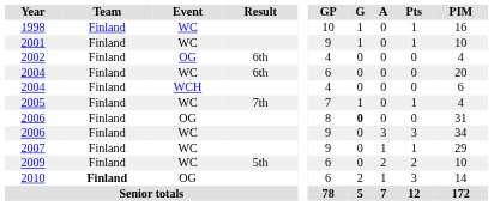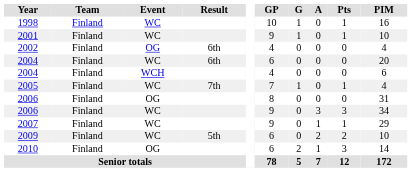 <table border="0" cellpadding="1" cellspacing="0" style="text-align:center; width:40em">
 <tr ALIGN="center" bgcolor="#e0e0e0">
 <th>Year</th>
 <th>Team</th>
 <th>Event</th>
 <th>Result</th>
 <th rowspan="99" bgcolor="#ffffff"> </th>
 <th>GP</th>
 <th>G</th>
 <th>A</th>
 <th>Pts</th>
 <th>PIM</th>
 </tr>
 <tr>
 <td><a href='#'>1998</a></td>
 <td><a href='#'>Finland</a></td>
 <td><a href='#'>WC</a></td>
 <td></td>
 <td>10</td>
 <td>1</td>
 <td>0</td>
 <td>1</td>
 <td>16</td>
 </tr>
 <tr bgcolor="#f0f0f0">
 <td><a href='#'>2001</a></td>
 <td>Finland</td>
 <td>WC</td>
 <td></td>
 <td>9</td>
 <td>1</td>
 <td>0</td>
 <td>1</td>
 <td>10</td>
 </tr>
 <tr>
 <td><a href='#'>2002</a></td>
 <td>Finland</td>
 <td><a href='#'>OG</a></td>
 <td>6th</td>
 <td>4</td>
 <td>0</td>
 <td>0</td>
 <td>0</td>
 <td>4</td>
 </tr>
 <tr bgcolor="#f0f0f0">
 <td><a href='#'>2004</a></td>
 <td>Finland</td>
 <td>WC</td>
 <td>6th</td>
 <td>6</td>
 <td>0</td>
 <td>0</td>
 <td>0</td>
 <td>20</td>
 </tr>
 <tr>
 <td><a href='#'>2004</a></td>
 <td>Finland</td>
 <td><a href='#'>WCH</a></td>
 <td></td>
 <td>4</td>
 <td>0</td>
 <td>0</td>
 <td>0</td>
 <td>6</td>
 </tr>
 <tr bgcolor="#f0f0f0">
 <td><a href='#'>2005</a></td>
 <td>Finland</td>
 <td>WC</td>
 <td>7th</td>
 <td>7</td>
 <td>1</td>
 <td>0</td>
 <td>1</td>
 <td>4</td>
 </tr>
 <tr>
 <td><a href='#'>2006</a></td>
 <td>Finland</td>
 <td>OG</td>
 <td></td>
 <td>8</td>
-<td><strong>0</strong></td>
+<td>0</td>
 <td>0</td>
 <td>0</td>
 <td>31</td>
 </tr>
 <tr bgcolor="#f0f0f0">
 <td><a href='#'>2006</a></td>
 <td>Finland</td>
 <td>WC</td>
 <td></td>
 <td>9</td>
 <td>0</td>
 <td>3</td>
 <td>3</td>
 <td>34</td>
 </tr>
 <tr>
 <td><a href='#'>2007</a></td>
 <td>Finland</td>
 <td>WC</td>
 <td></td>
 <td>9</td>
 <td>0</td>
 <td>1</td>
 <td>1</td>
 <td>29</td>
 </tr>
 <tr bgcolor="#f0f0f0">
 <td><a href='#'>2009</a></td>
 <td>Finland</td>
 <td>WC</td>
 <td>5th</td>
 <td>6</td>
 <td>0</td>
 <td>2</td>
 <td>2</td>
 <td>10</td>
 </tr>
 <tr>
 <td><a href='#'>2010</a></td>
-<td><strong>Finland</strong></td>
+<td>Finland</td>
 <td>OG</td>
 <td></td>
 <td>6</td>
 <td>2</td>
 <td>1</td>
 <td>3</td>
 <td>14</td>
 </tr>
 <tr bgcolor="#e0e0e0">
 <th colspan="4">Senior totals</th>
 <th>78</th>
 <th>5</th>
 <th>7</th>
 <th>12</th>
 <th>172</th>
 </tr>
 </table>
